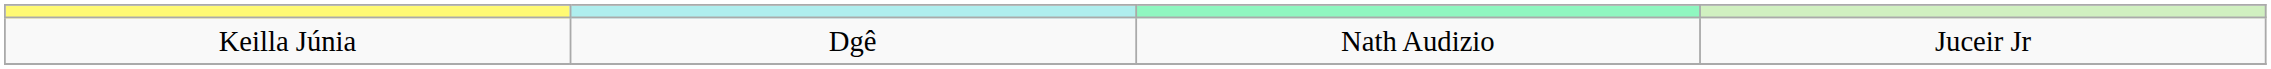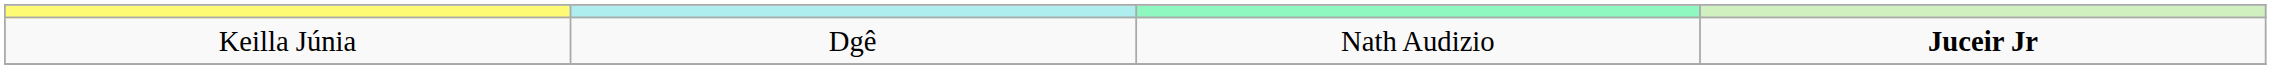 <table class="wikitable"  style="text-align:center; font-size:100%; width:100%;">
 <tr>
 <td scope="col" width="25%" bgcolor=FFFA73><strong></strong></td>
 <td scope="col" width="25%" bgcolor=AFEEEE><strong></strong></td>
 <td scope="col" width="25%" bgcolor=8FF7C0><strong></strong></td>
 <td scope="col" width="25%" bgcolor=D0F0C0><strong></strong></td>
 </tr>
 <tr>
 <td>Keilla Júnia</td>
 <td>Dgê</td>
 <td>Nath Audizio</td>
-<td>Juceir Jr</td>
+<td><strong>Juceir Jr</strong></td>
 </tr>
 <tr>
 </tr>
 </table>
